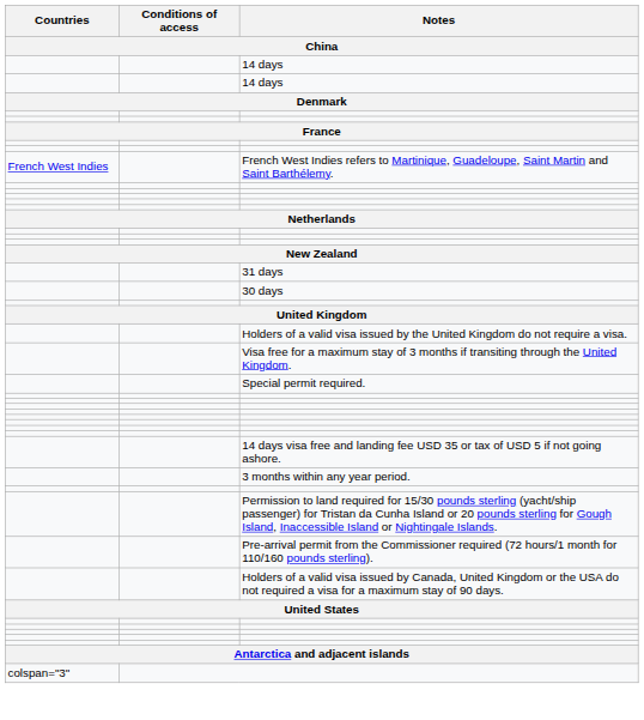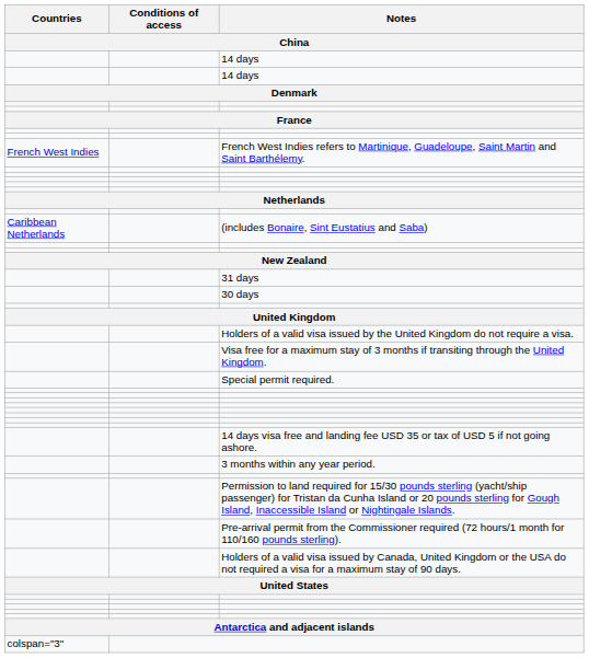 <table class="wikitable sortable sticky-header mw-datatable" style="text-align: left; table-layout: fixed;background:#f8f9faff; ">
 <tr>
 <th style="width:18%;">Countries</th>
 <th style="width:19%;">Conditions of access</th>
 <th>Notes</th>
 </tr>
 <tr>
 <th colspan="3">China</th>
 </tr>
 <tr>
 <td style="text-align: left;"></td>
 <td></td>
 <td>14 days</td>
 </tr>
 <tr>
 <td style="text-align: left;"></td>
 <td></td>
 <td>14 days</td>
 </tr>
 <tr>
 <th colspan="3">Denmark</th>
 </tr>
 <tr>
 <td style="text-align: left;"></td>
 <td></td>
 <td></td>
 </tr>
 <tr>
 <td style="text-align: left;"></td>
 <td></td>
 <td></td>
 </tr>
 <tr>
 <th colspan="3">France</th>
 </tr>
 <tr>
 <td style="text-align: left;"></td>
 <td></td>
 <td></td>
 </tr>
 <tr>
 <td style="text-align: left;"></td>
 <td></td>
 <td></td>
 </tr>
 <tr>
 <td style="text-align: left;"> <a href='#'>French West Indies</a></td>
 <td></td>
 <td>French West Indies refers to <a href='#'>Martinique</a>, <a href='#'>Guadeloupe</a>, <a href='#'>Saint Martin</a> and <a href='#'>Saint Barthélemy</a>.</td>
 </tr>
 <tr>
 <td style="text-align: left;"></td>
 <td></td>
 <td></td>
 </tr>
 <tr>
 <td style="text-align: left;"></td>
 <td></td>
 <td></td>
 </tr>
 <tr>
 <td style="text-align: left;"></td>
 <td></td>
 <td></td>
 </tr>
 <tr>
 <td style="text-align: left;"></td>
 <td></td>
 <td></td>
 </tr>
 <tr>
 <td style="text-align: left;"></td>
 <td></td>
 <td></td>
 </tr>
 <tr>
 <th colspan="3">Netherlands</th>
 </tr>
 <tr>
 <td style="text-align: left;"></td>
 <td></td>
 <td></td>
+</tr>
+<tr>
+<td style="text-align: left;"> <a href='#'>Caribbean Netherlands</a></td>
+<td></td>
+<td>(includes <a href='#'>Bonaire</a>, <a href='#'>Sint Eustatius</a> and <a href='#'>Saba</a>)</td>
 </tr>
 <tr>
 <td style="text-align: left;"></td>
 <td></td>
 <td></td>
 </tr>
 <tr>
 <td style="text-align: left;"></td>
 <td></td>
 <td></td>
 </tr>
 <tr>
 <th colspan="3">New Zealand</th>
 </tr>
 <tr>
 <td style="text-align: left;"></td>
 <td></td>
 <td>31 days</td>
 </tr>
 <tr>
 <td style="text-align: left;"></td>
 <td></td>
 <td>30 days</td>
 </tr>
 <tr>
 <td style="text-align: left;"></td>
 <td></td>
 <td></td>
 </tr>
 <tr>
 <th colspan="3">United Kingdom</th>
 </tr>
 <tr>
 <td style="text-align: left;"></td>
 <td></td>
 <td>Holders of a valid visa issued by the United Kingdom do not require a visa.</td>
 </tr>
 <tr>
 <td style="text-align: left;"></td>
 <td></td>
 <td>Visa free for a maximum stay of 3 months if transiting through the <a href='#'>United Kingdom</a>.</td>
 </tr>
 <tr>
 <td style="text-align: left;"></td>
 <td></td>
 <td>Special permit required.</td>
 </tr>
 <tr>
 <td style="text-align: left;"></td>
 <td></td>
 <td></td>
 </tr>
 <tr>
 <td style="text-align: left;"></td>
 <td></td>
 <td></td>
 </tr>
 <tr>
 <td style="text-align: left;"></td>
 <td></td>
 <td></td>
 </tr>
 <tr>
 <td style="text-align: left;"></td>
 <td></td>
 <td></td>
 </tr>
 <tr>
 <td style="text-align: left;"></td>
 <td></td>
 <td></td>
 </tr>
 <tr>
 <td style="text-align: left;"></td>
 <td></td>
 <td></td>
 </tr>
 <tr>
 <td style="text-align: left;"></td>
 <td></td>
 <td></td>
 </tr>
 <tr>
 <td style="text-align: left;"></td>
 <td></td>
 <td></td>
 </tr>
 <tr>
 <td style="text-align: left;"></td>
 <td></td>
 <td>14 days visa free and landing fee USD 35 or tax of USD 5 if not going ashore.</td>
 </tr>
 <tr>
 <td style="text-align: left;"></td>
 <td></td>
 <td>3 months within any year period.</td>
 </tr>
 <tr>
 <td style="text-align: left;"></td>
 <td></td>
 <td></td>
 </tr>
 <tr>
 <td style="text-align: left;"></td>
 <td></td>
 <td>Permission to land required for 15/30 <a href='#'>pounds sterling</a> (yacht/ship passenger) for Tristan da Cunha Island or 20 <a href='#'>pounds sterling</a> for <a href='#'>Gough Island</a>, <a href='#'>Inaccessible Island</a> or <a href='#'>Nightingale Islands</a>.</td>
 </tr>
 <tr>
 <td style="text-align: left;"></td>
 <td></td>
 <td>Pre-arrival permit from the Commissioner required (72 hours/1 month for 110/160 <a href='#'>pounds sterling</a>).</td>
 </tr>
 <tr>
 <td style="text-align: left;"></td>
 <td></td>
 <td>Holders of a valid visa issued by Canada, United Kingdom or the USA do not required a visa for a maximum stay of 90 days.</td>
 </tr>
 <tr>
 <th colspan="3">United States</th>
 </tr>
 <tr>
 <td style="text-align: left;"></td>
 <td></td>
 <td></td>
 </tr>
 <tr>
 <td style="text-align: left;"></td>
 <td></td>
 <td></td>
 </tr>
 <tr>
 <td style="text-align: left;"></td>
 <td></td>
 <td></td>
 </tr>
 <tr>
 <td style="text-align: left;"></td>
 <td></td>
 <td></td>
 </tr>
 <tr>
 <td style="text-align: left;"></td>
 <td></td>
 <td></td>
 </tr>
 <tr>
 <th colspan="3"><a href='#'>Antarctica</a> and adjacent islands</th>
 </tr>
 <tr>
 <td>colspan="3" </td>
 </tr>
 </table>
